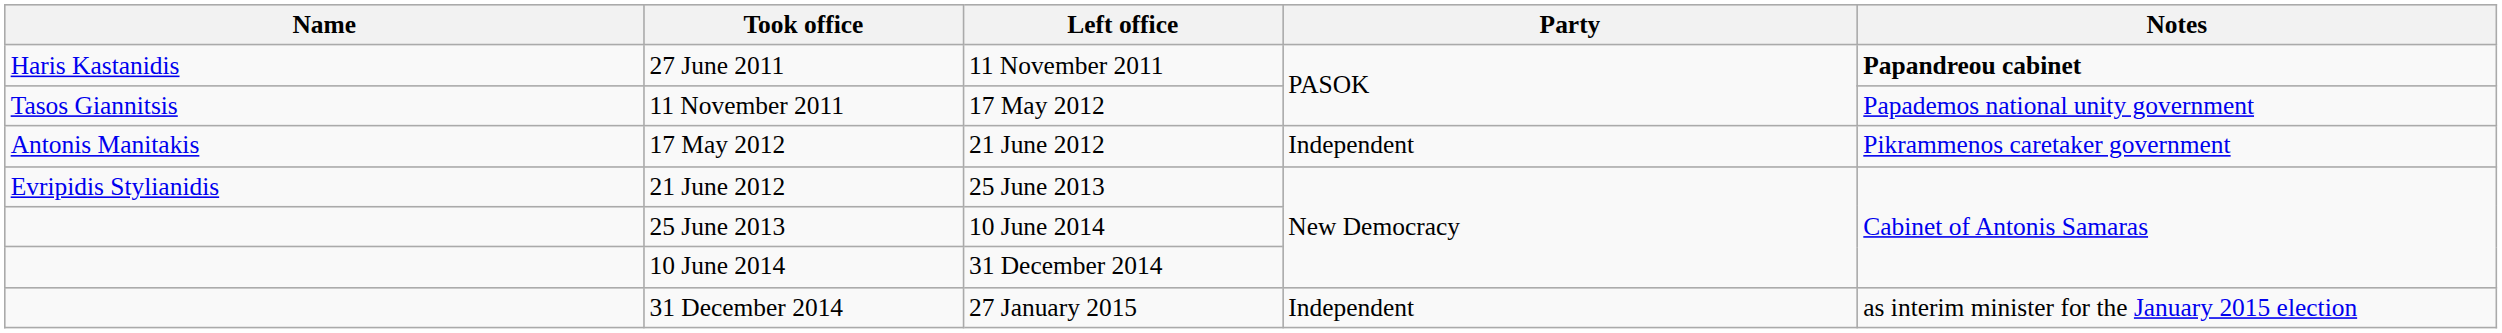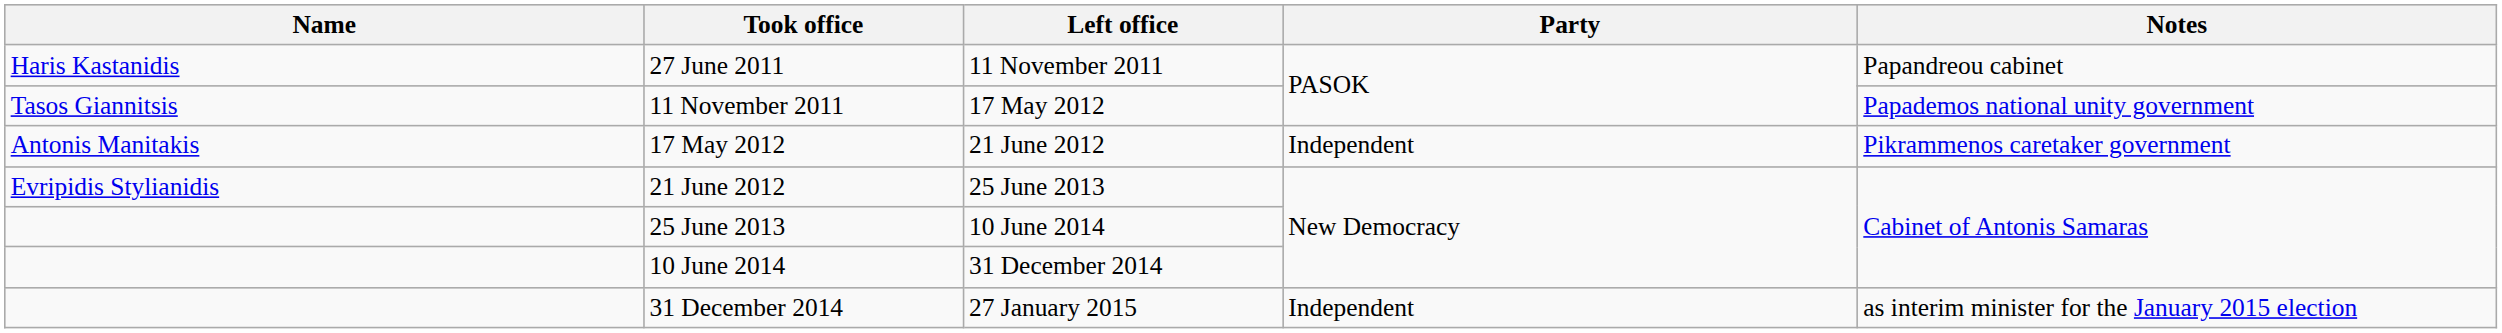 <table class="wikitable">
 <tr>
 <th width="20%">Name</th>
 <th width="10%">Took office</th>
 <th width="10%">Left office</th>
 <th width="18%">Party</th>
 <th width="20%">Notes</th>
 </tr>
 <tr>
 <td><a href='#'>Haris Kastanidis</a></td>
 <td>27 June 2011</td>
 <td>11 November 2011</td>
 <td rowspan=2>PASOK</td>
-<td><strong>Papandreou cabinet</strong></td>
+<td>Papandreou cabinet</td>
 </tr>
 <tr>
 <td><a href='#'>Tasos Giannitsis</a></td>
 <td>11 November 2011</td>
 <td>17 May 2012</td>
 <td><a href='#'>Papademos national unity government</a></td>
 </tr>
 <tr>
 <td><a href='#'>Antonis Manitakis</a></td>
 <td>17 May 2012</td>
 <td>21 June 2012</td>
 <td>Independent</td>
 <td><a href='#'>Pikrammenos caretaker government</a></td>
 </tr>
 <tr>
 <td><a href='#'>Evripidis Stylianidis</a></td>
 <td>21 June 2012</td>
 <td>25 June 2013</td>
 <td rowspan=3>New Democracy</td>
 <td rowspan=3><a href='#'>Cabinet of Antonis Samaras</a></td>
 </tr>
 <tr>
 <td></td>
 <td>25 June 2013</td>
 <td>10 June 2014</td>
 </tr>
 <tr>
 <td></td>
 <td>10 June 2014</td>
 <td>31 December 2014</td>
 </tr>
 <tr>
 <td></td>
 <td>31 December 2014</td>
 <td>27 January 2015</td>
 <td>Independent</td>
 <td>as interim minister for the <a href='#'>January 2015 election</a></td>
 </tr>
 </table>
